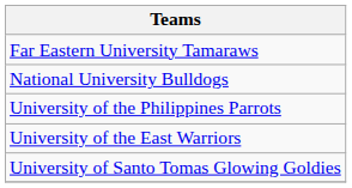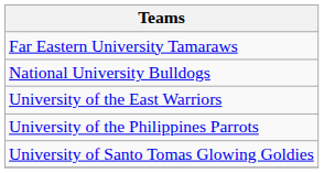 <table class="wikitable">
 <tr>
 <th>Teams</th>
 </tr>
 <tr>
 <td><a href='#'>Far Eastern University Tamaraws</a></td>
 </tr>
 <tr>
 <td><a href='#'>National University Bulldogs</a></td>
 </tr>
 <tr>
-<td><a href='#'>University of the Philippines Parrots</a></td>
+<td><a href='#'>University of the East Warriors</a></td>
 </tr>
 <tr>
-<td><a href='#'>University of the East Warriors</a></td>
+<td><a href='#'>University of the Philippines Parrots</a></td>
 </tr>
 <tr>
 <td><a href='#'>University of Santo Tomas Glowing Goldies</a></td>
 </tr>
 <tr>
 </tr>
 </table>
